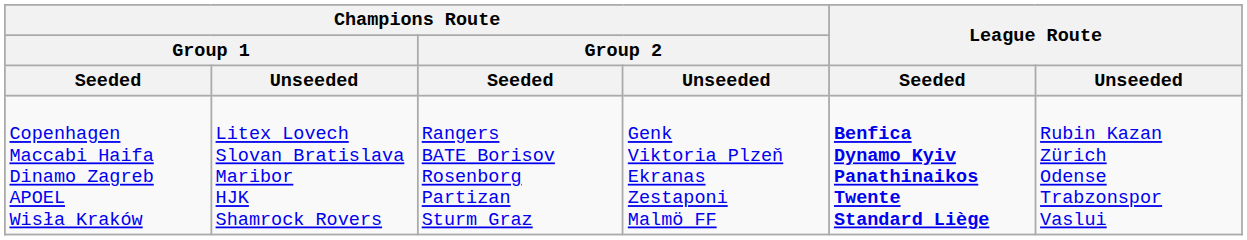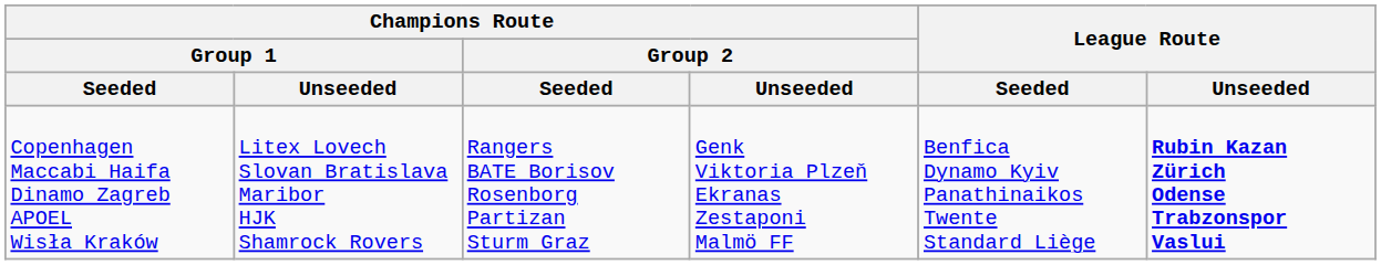 <table class="wikitable" style="font-size:80%">
 <tr>
 <th colspan=4>Champions Route</th>
 <th colspan=2 rowspan=2>League Route</th>
 </tr>
 <tr>
 <th colspan=2>Group 1</th>
 <th colspan=2>Group 2</th>
 </tr>
 <tr>
 <th width=16%>Seeded</th>
 <th width=16%>Unseeded</th>
 <th width=16%>Seeded</th>
 <th width=16%>Unseeded</th>
 <th width=16%>Seeded</th>
 <th width=16%>Unseeded</th>
 </tr>
 <tr>
 <td valign=top><br> <a href='#'>Copenhagen</a><br>  <a href='#'>Maccabi Haifa</a><br>  <a href='#'>Dinamo Zagreb</a><br>  <a href='#'>APOEL</a><br>  <a href='#'>Wisła Kraków</a></td>
 <td valign=top><br> <a href='#'>Litex Lovech</a><br>  <a href='#'>Slovan Bratislava</a><br>  <a href='#'>Maribor</a><br>  <a href='#'>HJK</a><br>  <a href='#'>Shamrock Rovers</a></td>
 <td valign=top><br> <a href='#'>Rangers</a><br>  <a href='#'>BATE Borisov</a><br>  <a href='#'>Rosenborg</a><br>  <a href='#'>Partizan</a><br>  <a href='#'>Sturm Graz</a></td>
 <td valign=top><br> <a href='#'>Genk</a><br>  <a href='#'>Viktoria Plzeň</a><br>  <a href='#'>Ekranas</a><br>  <a href='#'>Zestaponi</a><br>  <a href='#'>Malmö FF</a></td>
-<td valign=top><strong><br> <a href='#'>Benfica</a><br>  <a href='#'>Dynamo Kyiv</a><br>  <a href='#'>Panathinaikos</a><br>  <a href='#'>Twente</a><br>  <a href='#'>Standard Liège</a></strong></td>
-<td valign=top><br> <a href='#'>Rubin Kazan</a><br>  <a href='#'>Zürich</a><br>  <a href='#'>Odense</a><br>  <a href='#'>Trabzonspor</a><br>  <a href='#'>Vaslui</a></td>
+<td valign=top><br> <a href='#'>Benfica</a><br>  <a href='#'>Dynamo Kyiv</a><br>  <a href='#'>Panathinaikos</a><br>  <a href='#'>Twente</a><br>  <a href='#'>Standard Liège</a></td>
+<td valign=top><strong><br> <a href='#'>Rubin Kazan</a><br>  <a href='#'>Zürich</a><br>  <a href='#'>Odense</a><br>  <a href='#'>Trabzonspor</a><br>  <a href='#'>Vaslui</a></strong></td>
 </tr>
 </table>
